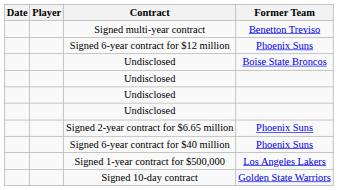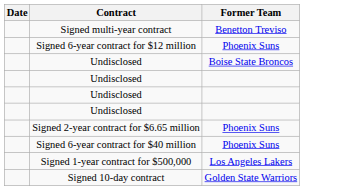 <table class="wikitable sortable">
 <tr>
 <th>Date</th>
-<th>Player</th>
 <th>Contract</th>
 <th>Former Team</th>
 </tr>
 <tr style="text-align: center">
-<td></td>
 <td></td>
 <td>Signed multi-year contract</td>
 <td><a href='#'>Benetton Treviso</a></td>
 </tr>
 <tr style="text-align: center">
 <td></td>
-<td></td>
 <td>Signed 6-year contract for $12 million</td>
 <td><a href='#'>Phoenix Suns</a></td>
 </tr>
 <tr style="text-align: center">
-<td></td>
 <td></td>
 <td>Undisclosed</td>
 <td><a href='#'>Boise State Broncos</a></td>
 </tr>
 <tr style="text-align: center">
 <td></td>
+<td>Undisclosed</td>
+<td></td>
+</tr>
+<tr style="text-align: center">
 <td></td>
 <td>Undisclosed</td>
 <td></td>
 </tr>
 <tr style="text-align: center">
 <td></td>
-<td></td>
 <td>Undisclosed</td>
 <td></td>
 </tr>
 <tr style="text-align: center">
-<td></td>
-<td></td>
-<td>Undisclosed</td>
-<td></td>
-</tr>
-<tr style="text-align: center">
-<td></td>
 <td></td>
 <td>Signed 2-year contract for $6.65 million</td>
 <td><a href='#'>Phoenix Suns</a></td>
 </tr>
 <tr style="text-align: center">
 <td></td>
-<td></td>
 <td>Signed 6-year contract for $40 million</td>
 <td><a href='#'>Phoenix Suns</a></td>
 </tr>
 <tr style="text-align: center">
-<td></td>
 <td></td>
 <td>Signed 1-year contract for $500,000</td>
 <td><a href='#'>Los Angeles Lakers</a></td>
 </tr>
 <tr style="text-align: center">
 <td></td>
-<td></td>
 <td>Signed 10-day contract</td>
 <td><a href='#'>Golden State Warriors</a></td>
 </tr>
 </table>
